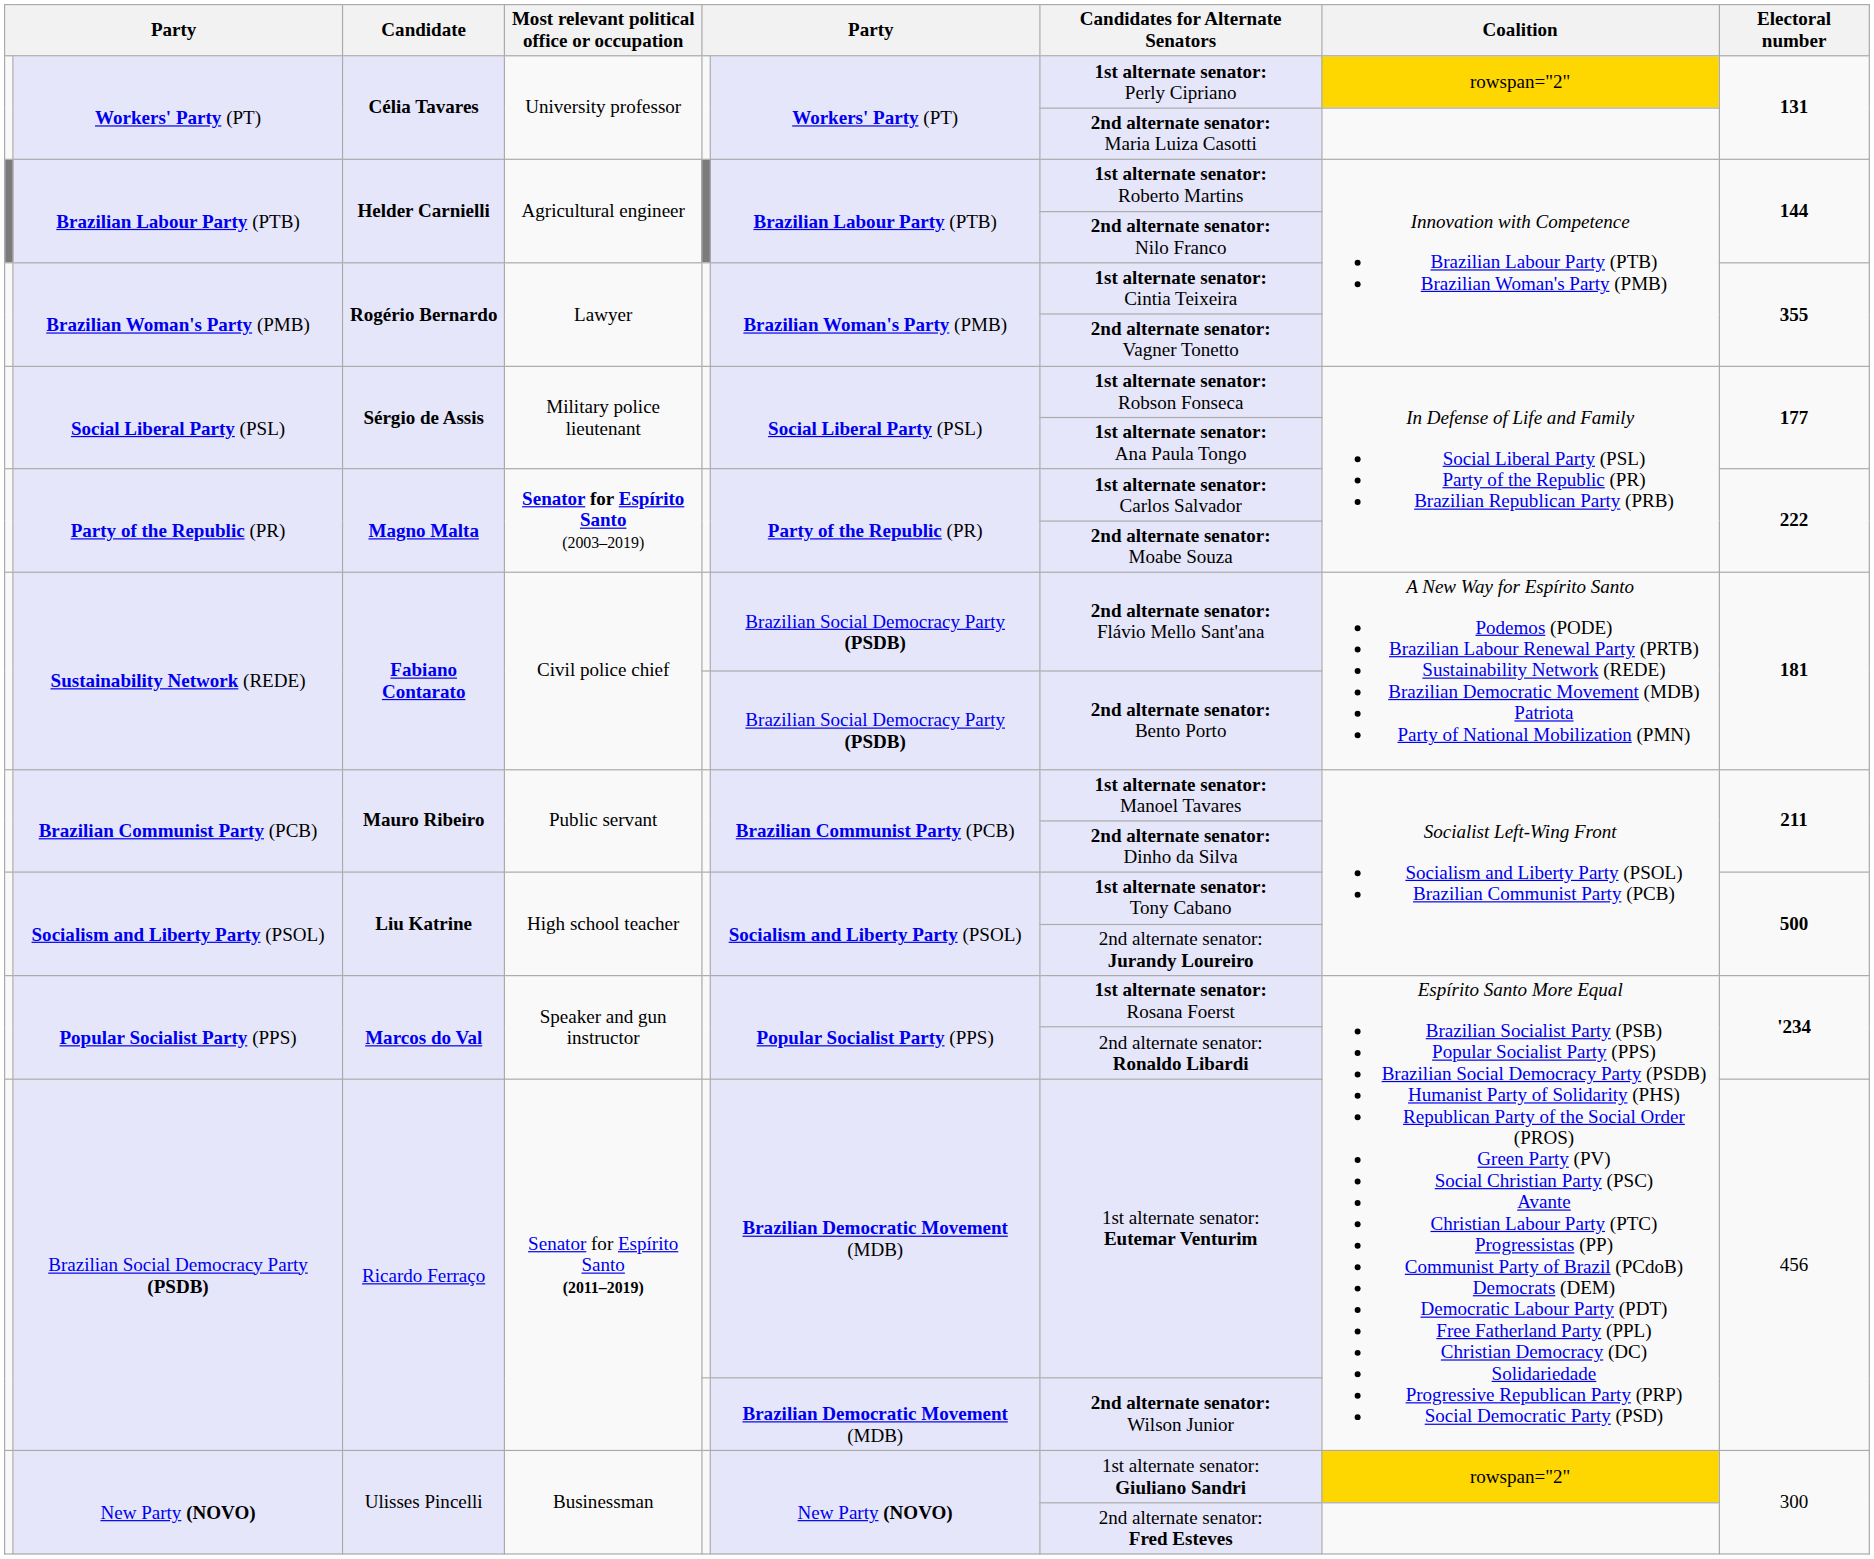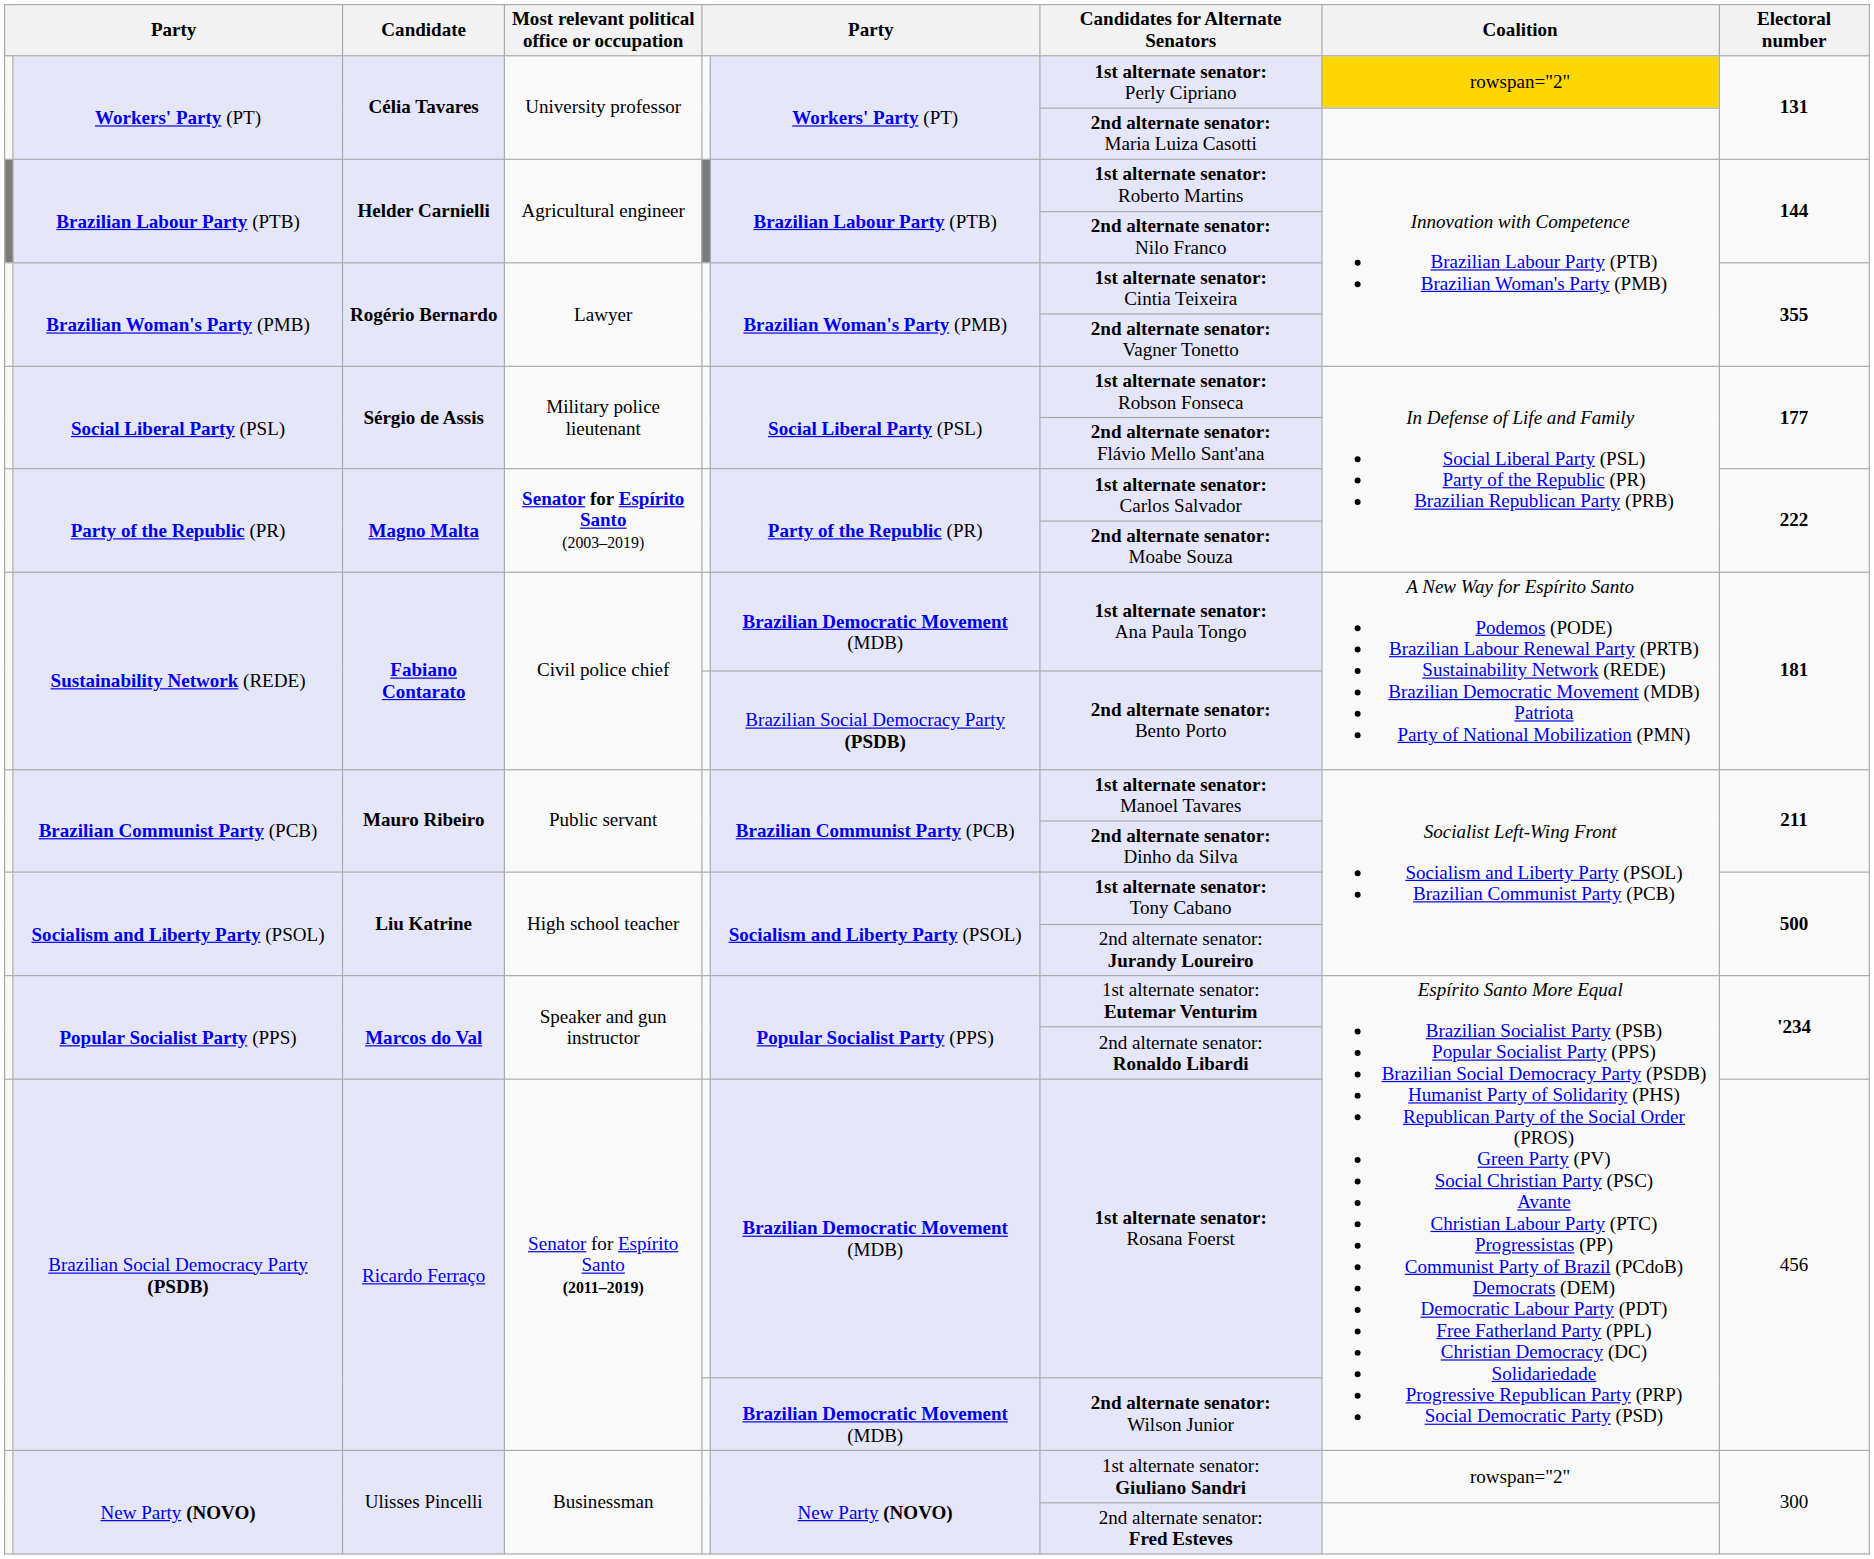 <table class="wikitable" style="text-align:center">
 <tr>
 <th colspan="2">Party</th>
 <th>Candidate</th>
 <th style="max-width:10em">Most relevant political office or occupation</th>
 <th colspan="2">Party</th>
 <th>Candidates for Alternate Senators</th>
 <th>Coalition</th>
 <th>Electoral number</th>
 </tr>
 <tr>
 <td rowspan="2" style="background:"></td>
 <td rowspan="2" style="background:lavender;" max-width:150px><br><strong><a href='#'>Workers' Party</a></strong> (PT)</td>
 <td rowspan="2" style="background:lavender;" max-width:150px><strong>Célia Tavares</strong></td>
 <td rowspan="2" style="max-width:10em">University professor</td>
 <td rowspan="2" style="background:"></td>
 <td rowspan="2" style="background:lavender;" max-width:150px><br><strong><a href='#'>Workers' Party</a></strong> (PT)</td>
 <td style="background:lavender;"><strong>1st alternate senator:</strong><br>Perly Cipriano</td>
 <td style="background: gold;">rowspan="2" </td>
 <td rowspan="2"><strong>131</strong></td>
 </tr>
 <tr>
 <td style="background:lavender;"><strong>2nd alternate senator:</strong><br>Maria Luiza Casotti</td>
 </tr>
 <tr>
 <td rowspan="2" style="background:#7B7B7B"></td>
 <td rowspan="2" style="background:lavender;" max-width:150px><br><strong><a href='#'>Brazilian Labour Party</a></strong> (PTB)</td>
 <td rowspan="2" style="background:lavender;" max-width:150px><strong>Helder Carnielli</strong></td>
 <td rowspan="2" style="max-width:10em">Agricultural engineer</td>
 <td rowspan="2" style="background:#7B7B7B"></td>
 <td rowspan="2" style="background:lavender;" max-width:150px><br><strong><a href='#'>Brazilian Labour Party</a></strong> (PTB)</td>
 <td style="background:lavender;"><strong>1st alternate senator:</strong><br>Roberto Martins</td>
 <td rowspan="4"><em>Innovation with Competence</em><br><ul><li><a href='#'>Brazilian Labour Party</a> (PTB)</li><li><a href='#'>Brazilian Woman's Party</a> (PMB)</li></ul></td>
 <td rowspan="2"><strong>144</strong></td>
 </tr>
 <tr>
 <td style="background:lavender;"><strong>2nd alternate senator:</strong><br>Nilo Franco</td>
 </tr>
 <tr>
 <td rowspan="2" style="background:"></td>
 <td rowspan="2" style="background:lavender;" max-width:150px><br><strong><a href='#'>Brazilian Woman's Party</a></strong> (PMB)</td>
 <td rowspan="2" style="background:lavender;" max-width:150px><strong>Rogério Bernardo</strong></td>
 <td rowspan="2" style="max-width:10em">Lawyer</td>
 <td rowspan="2" style="background:"></td>
 <td rowspan="2" style="background:lavender;" max-width:150px><br><strong><a href='#'>Brazilian Woman's Party</a></strong> (PMB)</td>
 <td style="background:lavender;"><strong>1st alternate senator:</strong><br>Cintia Teixeira</td>
 <td rowspan="2"><strong>355</strong></td>
 </tr>
 <tr>
 <td style="background:lavender;"><strong>2nd alternate senator:</strong><br>Vagner Tonetto</td>
 </tr>
 <tr>
 <td rowspan="2" style="background:"></td>
 <td rowspan="2" style="background:lavender;" max-width:150px><br><strong><a href='#'>Social Liberal Party</a></strong> (PSL)</td>
 <td rowspan="2" style="background:lavender;" max-width:150px><strong>Sérgio de Assis</strong></td>
 <td rowspan="2" style="max-width:10em">Military police lieutenant</td>
 <td rowspan="2" style="background:"></td>
 <td rowspan="2" style="background:lavender;" max-width:150px><br><strong><a href='#'>Social Liberal Party</a></strong> (PSL)</td>
 <td style="background:lavender;"><strong>1st alternate senator:</strong><br>Robson Fonseca</td>
 <td rowspan="4"><em>In Defense of Life and Family</em><br><ul><li><a href='#'>Social Liberal Party</a> (PSL)</li><li><a href='#'>Party of the Republic</a> (PR)</li><li><a href='#'>Brazilian Republican Party</a> (PRB)</li></ul></td>
 <td rowspan="2"><strong>177</strong></td>
 </tr>
 <tr>
-<td style="background:lavender;"><strong>1st alternate senator:</strong><br>Ana Paula Tongo</td>
+<td style="background:lavender;"><strong>2nd alternate senator:</strong><br>Flávio Mello Sant'ana</td>
 </tr>
 <tr>
 <td rowspan="2" style="background:"></td>
 <td rowspan="2" style="background:lavender;" max-width:150px><br><strong><a href='#'>Party of the Republic</a></strong> (PR)</td>
 <td rowspan="2" style="background:lavender;" max-width:150px><br><strong><a href='#'>Magno Malta</a></strong></td>
 <td rowspan="2" style="max-width:10em"><strong><a href='#'>Senator</a> for <a href='#'>Espírito Santo</a></strong><br><small>(2003–2019)</small></td>
 <td rowspan="2" style="background:"></td>
 <td rowspan="2" style="background:lavender;" max-width:150px><br><strong><a href='#'>Party of the Republic</a></strong> (PR)</td>
 <td style="background:lavender;"><strong>1st alternate senator:</strong><br>Carlos Salvador</td>
 <td rowspan="2"><strong>222</strong></td>
 </tr>
 <tr>
 <td style="background:lavender;"><strong>2nd alternate senator:</strong><br>Moabe Souza</td>
 </tr>
 <tr>
 <td rowspan="2" style="background:"></td>
 <td rowspan="2" style="background:lavender;" max-width:150px><br><strong><a href='#'>Sustainability Network</a></strong> (REDE)</td>
 <td rowspan="2" style="background:lavender;" max-width:150px><br><strong><a href='#'>Fabiano Contarato</a></strong></td>
 <td rowspan="2" style="max-width:10em">Civil police chief</td>
 <td style="background:"></td>
-<td style="background:lavender;" max-width:150px><br></strong><a href='#'>Brazilian Social Democracy Party</a><strong> (PSDB)</td>
-<td style="background:lavender;"><strong>2nd alternate senator:</strong><br>Flávio Mello Sant'ana</td>
+<td style="background:lavender;" max-width:150px><br><strong><a href='#'>Brazilian Democratic Movement</a></strong> (MDB)</td>
+<td style="background:lavender;"><strong>1st alternate senator:</strong><br>Ana Paula Tongo</td>
 <td rowspan="2"><em>A New Way for Espírito Santo</em><br><ul><li><a href='#'>Podemos</a> (PODE)</li><li><a href='#'>Brazilian Labour Renewal Party</a> (PRTB)</li><li><a href='#'>Sustainability Network</a> (REDE)</li><li><a href='#'>Brazilian Democratic Movement</a> (MDB)</li><li><a href='#'>Patriota</a></li><li><a href='#'>Party of National Mobilization</a> (PMN)</li></ul></td>
 <td rowspan="2"><strong>181</strong></td>
 </tr>
 <tr>
 <td style="background:"></td>
 <td style="background:lavender;" max-width:150px><br></strong><a href='#'>Brazilian Social Democracy Party</a><strong> (PSDB)</td>
 <td style="background:lavender;"><strong>2nd alternate senator:</strong><br>Bento Porto</td>
 </tr>
 <tr>
 <td rowspan="2" style="background:"></td>
 <td rowspan="2" style="background:lavender;" max-width:150px><br><strong><a href='#'>Brazilian Communist Party</a></strong> (PCB)</td>
 <td rowspan="2" style="background:lavender;" max-width:150px><strong>Mauro Ribeiro</strong></td>
 <td rowspan="2" style="max-width:10em">Public servant</td>
 <td rowspan="2" style="background:"></td>
 <td rowspan="2" style="background:lavender;" max-width:150px><br><strong><a href='#'>Brazilian Communist Party</a></strong> (PCB)</td>
 <td style="background:lavender;"><strong>1st alternate senator:</strong><br>Manoel Tavares</td>
 <td rowspan="4"><em>Socialist Left-Wing Front</em><br><ul><li><a href='#'>Socialism and Liberty Party</a> (PSOL)</li><li><a href='#'>Brazilian Communist Party</a> (PCB)</li></ul></td>
 <td rowspan="2"><strong>211</strong></td>
 </tr>
 <tr>
 <td style="background:lavender;"><strong>2nd alternate senator:</strong><br>Dinho da Silva</td>
 </tr>
 <tr>
 <td rowspan="2" style="background:"></td>
 <td rowspan="2" style="background:lavender;" max-width:150px><br><strong><a href='#'>Socialism and Liberty Party</a></strong> (PSOL)</td>
 <td rowspan="2" style="background:lavender;" max-width:150px><strong>Liu Katrine</strong></td>
 <td rowspan="2" style="max-width:10em">High school teacher</td>
 <td rowspan="2" style="background:"></td>
 <td rowspan="2" style="background:lavender;" max-width:150px><br><strong><a href='#'>Socialism and Liberty Party</a></strong> (PSOL)</td>
 <td style="background:lavender;"><strong>1st alternate senator:</strong><br>Tony Cabano</td>
 <td rowspan="2"><strong>500</strong></td>
 </tr>
 <tr>
 <td style="background:lavender;"></strong>2nd alternate senator:<strong><br>Jurandy Loureiro</td>
 </tr>
 <tr>
 <td rowspan="2" style="background:"></td>
 <td rowspan="2" style="background:lavender;" max-width:150px><br><strong><a href='#'>Popular Socialist Party</a></strong> (PPS)</td>
 <td rowspan="2" style="background:lavender;" max-width:150px><br><strong><a href='#'>Marcos do Val</a></strong></td>
 <td rowspan="2" style="max-width:10em">Speaker and gun instructor</td>
 <td rowspan="2" style="background:"></td>
 <td rowspan="2" style="background:lavender;" max-width:150px><br><strong><a href='#'>Popular Socialist Party</a></strong> (PPS)</td>
-<td style="background:lavender;"><strong>1st alternate senator:</strong><br>Rosana Foerst</td>
+<td style="background:lavender;"></strong>1st alternate senator:<strong><br>Eutemar Venturim</td>
 <td rowspan="4"><em>Espírito Santo More Equal</em><br><ul><li><a href='#'>Brazilian Socialist Party</a> (PSB)</li><li><a href='#'>Popular Socialist Party</a> (PPS)</li><li><a href='#'>Brazilian Social Democracy Party</a> (PSDB)</li><li><a href='#'>Humanist Party of Solidarity</a> (PHS)</li><li><a href='#'>Republican Party of the Social Order</a> (PROS)</li><li><a href='#'>Green Party</a> (PV)</li><li><a href='#'>Social Christian Party</a> (PSC)</li><li><a href='#'>Avante</a></li><li><a href='#'>Christian Labour Party</a> (PTC)</li><li><a href='#'>Progressistas</a> (PP)</li><li><a href='#'>Communist Party of Brazil</a> (PCdoB)</li><li><a href='#'>Democrats</a> (DEM)</li><li><a href='#'>Democratic Labour Party</a> (PDT)</li><li><a href='#'>Free Fatherland Party</a> (PPL)</li><li><a href='#'>Christian Democracy</a> (DC)</li><li><a href='#'>Solidariedade</a></li><li><a href='#'>Progressive Republican Party</a> (PRP)</li><li><a href='#'>Social Democratic Party</a> (PSD)</li></ul></td>
 <td rowspan="2"><strong>'234<em></td>
 </tr>
 <tr>
 <td style="background:lavender;"></strong>2nd alternate senator:<strong><br>Ronaldo Libardi</td>
 </tr>
 <tr>
 <td rowspan="2" style="background:"></td>
 <td rowspan="2" style="background:lavender;" max-width:150px><br></strong><a href='#'>Brazilian Social Democracy Party</a><strong> (PSDB)</td>
 <td rowspan="2" style="background:lavender;" max-width:150px><br></strong><a href='#'>Ricardo Ferraço</a><strong></td>
 <td rowspan="2" style="max-width:10em"></strong><a href='#'>Senator</a> for <a href='#'>Espírito Santo</a><strong><br><small>(2011–2019)</small></td>
 <td style="background:"></td>
 <td style="background:lavender;" max-width:150px><br><strong><a href='#'>Brazilian Democratic Movement</a></strong> (MDB)</td>
-<td style="background:lavender;"></strong>1st alternate senator:<strong><br>Eutemar Venturim</td>
+<td style="background:lavender;"><strong>1st alternate senator:</strong><br>Rosana Foerst</td>
 <td rowspan="2"></strong>456<strong></td>
 </tr>
 <tr>
 <td style="background:"></td>
 <td style="background:lavender;" max-width:150px><br><strong><a href='#'>Brazilian Democratic Movement</a></strong> (MDB)</td>
 <td style="background:lavender;"><strong>2nd alternate senator:</strong><br>Wilson Junior</td>
 </tr>
 <tr>
 <td rowspan="2" style="background:"></td>
 <td rowspan="2" style="background:lavender;" max-width:150px><br></strong><a href='#'>New Party</a><strong> (NOVO)</td>
 <td rowspan="2" style="background:lavender;" max-width:150px></strong>Ulisses Pincelli<strong></td>
 <td rowspan="2" style="max-width:10em">Businessman</td>
 <td rowspan="2" style="background:"></td>
 <td rowspan="2" style="background:lavender;" max-width:150px><br></strong><a href='#'>New Party</a><strong> (NOVO)</td>
 <td style="background:lavender;"></strong>1st alternate senator:<strong><br>Giuliano Sandri</td>
-<td style="background: gold;">rowspan="2" </td>
+<td>rowspan="2" </td>
 <td rowspan="2"></strong>300<strong></td>
 </tr>
 <tr>
 <td style="background:lavender;"></strong>2nd alternate senator:<strong><br>Fred Esteves</td>
 </tr>
 </table>
